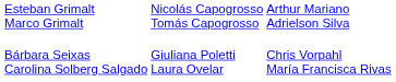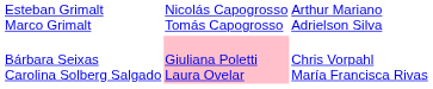 <table>
 <tr>
 <td></td>
 <td><br><a href='#'>Esteban Grimalt</a><br><a href='#'>Marco Grimalt</a></td>
 <td><br><a href='#'>Nicolás Capogrosso</a><br><a href='#'>Tomás Capogrosso</a></td>
 <td><br><a href='#'>Arthur Mariano</a><br><a href='#'>Adrielson Silva</a></td>
 </tr>
 <tr>
 <td></td>
 <td><br><a href='#'>Bárbara Seixas</a><br><a href='#'>Carolina Solberg Salgado</a></td>
-<td><br><a href='#'>Giuliana Poletti</a><br><a href='#'>Laura Ovelar</a></td>
+<td style="background: pink;"><br><a href='#'>Giuliana Poletti</a><br><a href='#'>Laura Ovelar</a></td>
 <td><br><a href='#'>Chris Vorpahl</a><br><a href='#'>María Francisca Rivas</a></td>
 </tr>
 </table>
